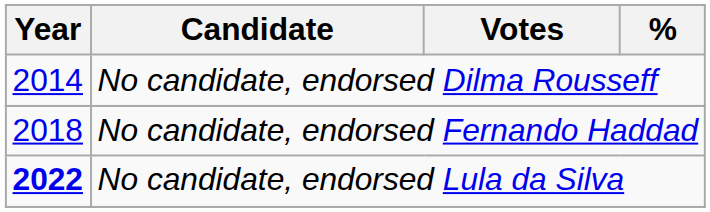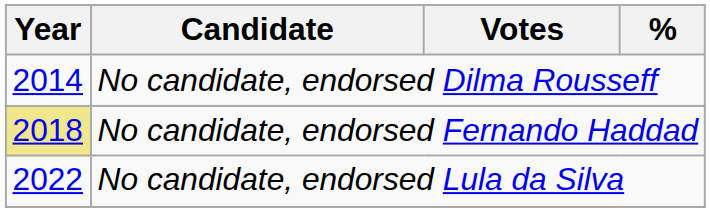 <table class="wikitable" style="margin:auto;">
 <tr ---->
 <th align="center">Year</th>
 <th align="center">Candidate</th>
 <th align="center">Votes</th>
 <th align="center">%</th>
 </tr>
 <tr ---->
 <td><a href='#'>2014</a></td>
 <td colspan="3"><em>No candidate, endorsed <a href='#'>Dilma Rousseff</a></em></td>
 </tr>
 <tr ---->
 </tr>
 <tr ---->
-<td><a href='#'>2018</a></td>
+<td style="background: khaki;"><a href='#'>2018</a></td>
 <td colspan="3"><em>No candidate, endorsed <a href='#'>Fernando Haddad</a></em></td>
 </tr>
 <tr ---->
-<td><strong><a href='#'>2022</a></strong></td>
+<td><a href='#'>2022</a></td>
 <td colspan="3"><em>No candidate, endorsed <a href='#'>Lula da Silva</a></em></td>
 </tr>
 <tr ---->
 </tr>
 </table>
